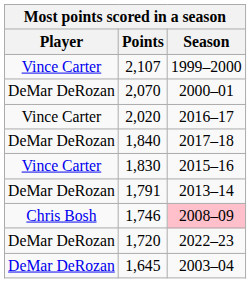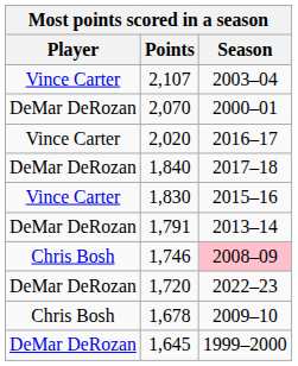 <table class="wikitable sortable" style="text-align:center">
 <tr>
 <th colspan="3">Most points scored in a season</th>
 </tr>
 <tr>
 <th>Player</th>
 <th>Points</th>
 <th>Season</th>
 </tr>
 <tr>
 <td><a href='#'>Vince Carter</a></td>
 <td>2,107</td>
-<td>1999–2000</td>
+<td>2003–04</td>
 </tr>
 <tr>
 <td>DeMar DeRozan</td>
 <td>2,070</td>
 <td>2000–01</td>
 </tr>
 <tr>
 <td>Vince Carter</td>
 <td>2,020</td>
 <td>2016–17</td>
 </tr>
 <tr>
 <td>DeMar DeRozan</td>
 <td>1,840</td>
 <td>2017–18</td>
 </tr>
 <tr>
 <td><a href='#'>Vince Carter</a></td>
 <td>1,830</td>
 <td>2015–16</td>
 </tr>
 <tr>
 <td>DeMar DeRozan</td>
 <td>1,791</td>
 <td>2013–14</td>
 </tr>
 <tr>
 <td><a href='#'>Chris Bosh</a></td>
 <td>1,746</td>
 <td style="background: pink;">2008–09</td>
 </tr>
 <tr>
 <td>DeMar DeRozan</td>
 <td>1,720</td>
 <td>2022–23</td>
 </tr>
 <tr>
+<td>Chris Bosh</td>
+<td>1,678</td>
+<td>2009–10</td>
+</tr>
+<tr>
 <td><a href='#'>DeMar DeRozan</a></td>
 <td>1,645</td>
-<td>2003–04</td>
+<td>1999–2000</td>
 </tr>
 </table>
